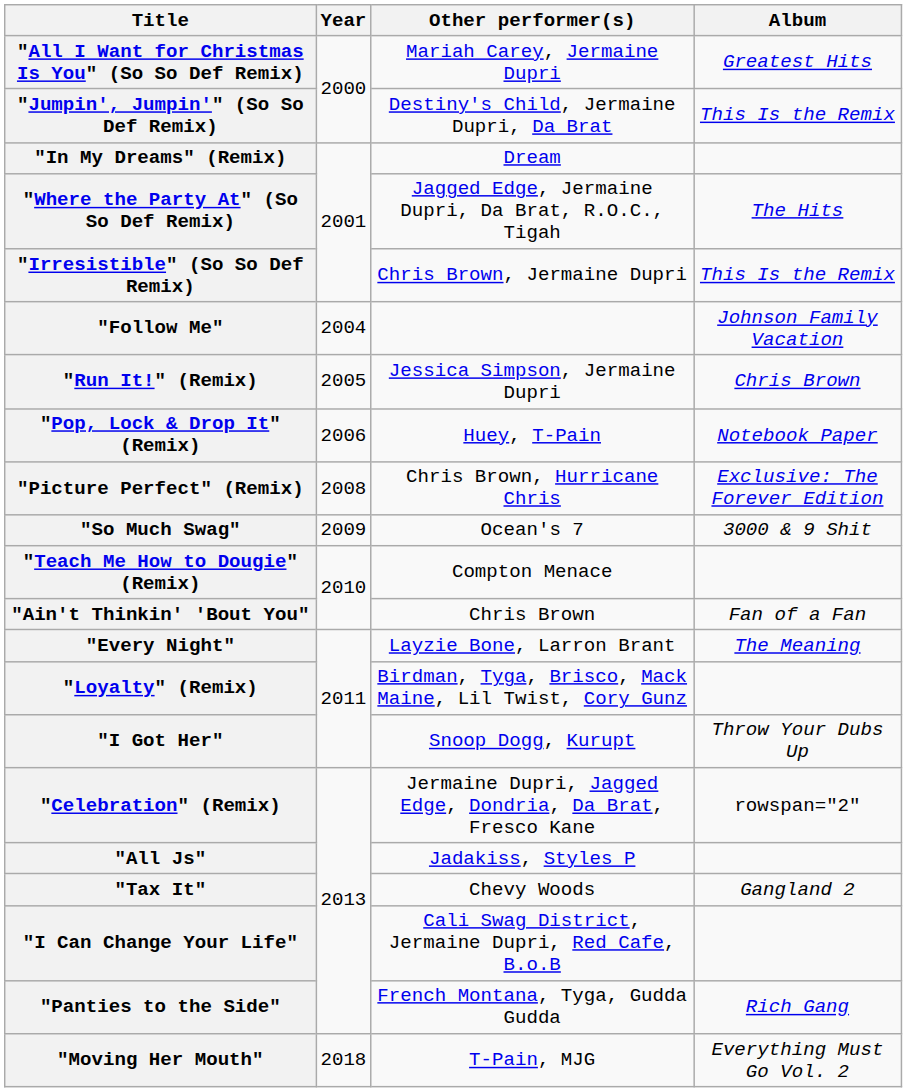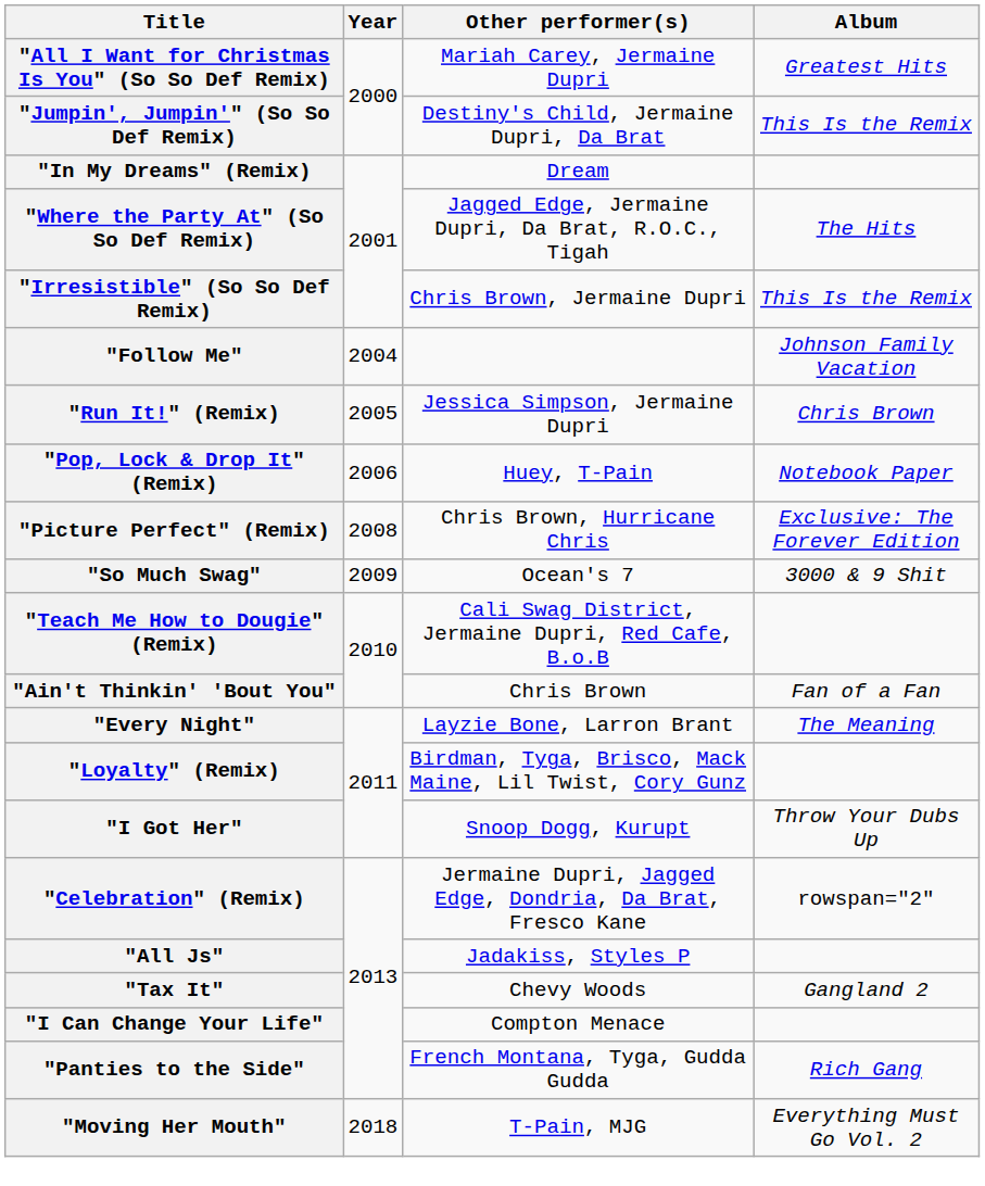 <table class="wikitable plainrowheaders" style="text-align:center;">
 <tr>
 <th scope="col">Title</th>
 <th scope="col">Year</th>
 <th scope="col">Other performer(s)</th>
 <th scope="col">Album</th>
 </tr>
 <tr>
 <th scope="row">"<a href='#'>All I Want for Christmas Is You</a>" (So So Def Remix)</th>
 <td rowspan="2">2000</td>
 <td><a href='#'>Mariah Carey</a>, <a href='#'>Jermaine Dupri</a></td>
 <td><em><a href='#'>Greatest Hits</a></em></td>
 </tr>
 <tr>
 <th scope="row">"<a href='#'>Jumpin', Jumpin'</a>" (So So Def Remix)</th>
 <td><a href='#'>Destiny's Child</a>, Jermaine Dupri, <a href='#'>Da Brat</a></td>
 <td><em><a href='#'>This Is the Remix</a></em></td>
 </tr>
 <tr>
 <th scope="row">"In My Dreams" (Remix)</th>
 <td rowspan="3">2001</td>
 <td><a href='#'>Dream</a></td>
 <td></td>
 </tr>
 <tr>
 <th scope="row">"<a href='#'>Where the Party At</a>" (So So Def Remix)</th>
 <td><a href='#'>Jagged Edge</a>, Jermaine Dupri, Da Brat, R.O.C., Tigah</td>
 <td><em><a href='#'>The Hits</a></em></td>
 </tr>
 <tr>
 <th scope="row">"<a href='#'>Irresistible</a>" (So So Def Remix)</th>
 <td><a href='#'>Chris Brown</a>, Jermaine Dupri</td>
 <td><em><a href='#'>This Is the Remix</a></em></td>
 </tr>
 <tr>
 <th scope="row">"Follow Me"</th>
 <td>2004</td>
 <td></td>
 <td><em><a href='#'>Johnson Family Vacation</a></em></td>
 </tr>
 <tr>
 <th scope="row">"<a href='#'>Run It!</a>" (Remix)</th>
 <td>2005</td>
 <td><a href='#'>Jessica Simpson</a>, Jermaine Dupri</td>
 <td><em><a href='#'>Chris Brown</a></em></td>
 </tr>
 <tr>
 <th scope="row">"<a href='#'>Pop, Lock & Drop It</a>" (Remix)</th>
 <td>2006</td>
 <td><a href='#'>Huey</a>, <a href='#'>T-Pain</a></td>
 <td><em><a href='#'>Notebook Paper</a></em></td>
 </tr>
 <tr>
 <th scope="row">"Picture Perfect" (Remix)</th>
 <td>2008</td>
 <td>Chris Brown, <a href='#'>Hurricane Chris</a></td>
 <td><em><a href='#'>Exclusive: The Forever Edition</a></em></td>
 </tr>
 <tr>
 <th scope="row">"So Much Swag"</th>
 <td>2009</td>
 <td>Ocean's 7</td>
 <td><em>3000 & 9 Shit</em></td>
 </tr>
 <tr>
 <th scope="row">"<a href='#'>Teach Me How to Dougie</a>" (Remix)</th>
 <td rowspan="2">2010</td>
-<td>Compton Menace</td>
+<td><a href='#'>Cali Swag District</a>, Jermaine Dupri, <a href='#'>Red Cafe</a>, <a href='#'>B.o.B</a></td>
 <td></td>
 </tr>
 <tr>
 <th scope="row">"Ain't Thinkin' 'Bout You"</th>
 <td>Chris Brown</td>
 <td><em>Fan of a Fan</em></td>
 </tr>
 <tr>
 <th scope="row">"Every Night"</th>
 <td rowspan="3">2011</td>
 <td><a href='#'>Layzie Bone</a>, Larron Brant</td>
 <td><em><a href='#'>The Meaning</a></em></td>
 </tr>
 <tr>
 <th scope="row">"<a href='#'>Loyalty</a>" (Remix)</th>
 <td><a href='#'>Birdman</a>, <a href='#'>Tyga</a>, <a href='#'>Brisco</a>, <a href='#'>Mack Maine</a>, Lil Twist, <a href='#'>Cory Gunz</a></td>
 <td></td>
 </tr>
 <tr>
 <th scope="row">"I Got Her"</th>
 <td><a href='#'>Snoop Dogg</a>, <a href='#'>Kurupt</a></td>
 <td><em>Throw Your Dubs Up</em></td>
 </tr>
 <tr>
 <th scope="row">"<a href='#'>Celebration</a>" (Remix)</th>
 <td rowspan="5">2013</td>
 <td>Jermaine Dupri, <a href='#'>Jagged Edge</a>, <a href='#'>Dondria</a>, <a href='#'>Da Brat</a>, Fresco Kane</td>
 <td>rowspan="2" </td>
 </tr>
 <tr>
 <th scope="row">"All Js"</th>
 <td><a href='#'>Jadakiss</a>, <a href='#'>Styles P</a></td>
 </tr>
 <tr>
 <th scope="row">"Tax It"</th>
 <td>Chevy Woods</td>
 <td><em>Gangland 2</em></td>
 </tr>
 <tr>
 <th scope="row">"I Can Change Your Life"</th>
-<td><a href='#'>Cali Swag District</a>, Jermaine Dupri, <a href='#'>Red Cafe</a>, <a href='#'>B.o.B</a></td>
+<td>Compton Menace</td>
 <td></td>
 </tr>
 <tr>
 <th scope="row">"Panties to the Side"</th>
 <td><a href='#'>French Montana</a>, Tyga, Gudda Gudda</td>
 <td><em><a href='#'>Rich Gang</a></em></td>
 </tr>
 <tr>
 <th scope="row">"Μοving Her Mouth"</th>
 <td>2018</td>
 <td><a href='#'>T-Pain</a>, MJG</td>
 <td><em>Everything Must Go Vol. 2</em></td>
 </tr>
 </table>
